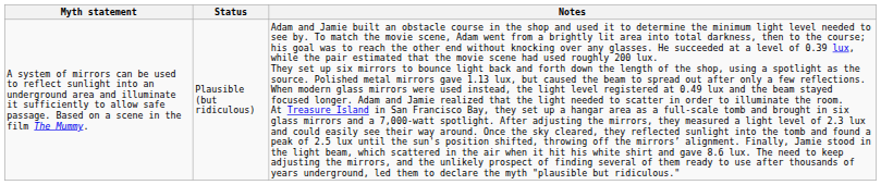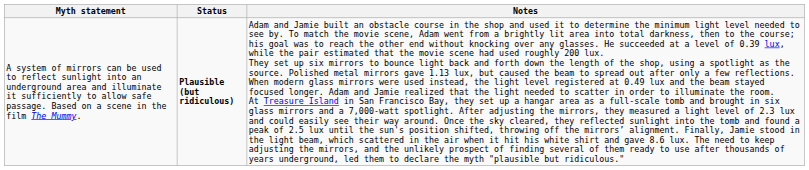 <table class="wikitable plainrowheaders">
 <tr>
 <th>Myth statement</th>
 <th>Status</th>
 <th>Notes</th>
 </tr>
 <tr>
 <td>A system of mirrors can be used to reflect sunlight into an underground area and illuminate it sufficiently to allow safe passage. Based on a scene in the film <em><a href='#'>The Mummy</a></em>.</td>
-<td><span>Plausible</span> (<span>but ridiculous</span>)</td>
+<td><strong><span>Plausible</span> (<span>but ridiculous</span>)</strong></td>
 <td>Adam and Jamie built an obstacle course in the shop and used it to determine the minimum light level needed to see by. To match the movie scene, Adam went from a brightly lit area into total darkness, then to the course; his goal was to reach the other end without knocking over any glasses. He succeeded at a level of 0.39 <a href='#'>lux</a>, while the pair estimated that the movie scene had used roughly 200 lux.<br>They set up six mirrors to bounce light back and forth down the length of the shop, using a spotlight as the source. Polished metal mirrors gave 1.13 lux, but caused the beam to spread out after only a few reflections. When modern glass mirrors were used instead, the light level registered at 0.49 lux and the beam stayed focused longer. Adam and Jamie realized that the light needed to scatter in order to illuminate the room.<br>At <a href='#'>Treasure Island</a> in San Francisco Bay, they set up a hangar area as a full-scale tomb and brought in six glass mirrors and a 7,000-watt spotlight. After adjusting the mirrors, they measured a light level of 2.3 lux and could easily see their way around. Once the sky cleared, they reflected sunlight into the tomb and found a peak of 2.5 lux until the sun's position shifted, throwing off the mirrors’ alignment. Finally, Jamie stood in the light beam, which scattered in the air when it hit his white shirt and gave 8.6 lux. The need to keep adjusting the mirrors, and the unlikely prospect of finding several of them ready to use after thousands of years underground, led them to declare the myth "plausible but ridiculous."</td>
 </tr>
 </table>
